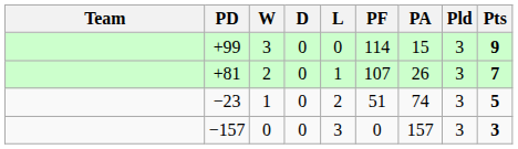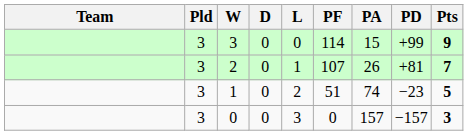 <table class="wikitable" style="text-align:center;">
 <tr>
 <th width=175>Team</th>
-<th width=32 abbr="Points difference">PD</th>
+<th width=25 abbr="Played">Pld</th>
 <th width=25 abbr="Won">W</th>
 <th width=25 abbr="Drawn">D</th>
 <th width=25 abbr="Lost">L</th>
 <th width=32 abbr="Points for">PF</th>
 <th width=32 abbr="Points against">PA</th>
-<th width=25 abbr="Played">Pld</th>
+<th width=32 abbr="Points difference">PD</th>
 <th width=25 abbr="Points">Pts</th>
 </tr>
 <tr bgcolor=ccffcc>
 <td align=left></td>
-<td>+99</td>
+<td>3</td>
 <td>3</td>
 <td>0</td>
 <td>0</td>
 <td>114</td>
 <td>15</td>
-<td>3</td>
+<td>+99</td>
 <td><strong>9</strong></td>
 </tr>
 <tr bgcolor=ccffcc>
 <td align=left></td>
-<td>+81</td>
+<td>3</td>
 <td>2</td>
 <td>0</td>
 <td>1</td>
 <td>107</td>
 <td>26</td>
-<td>3</td>
+<td>+81</td>
 <td><strong>7</strong></td>
 </tr>
 <tr>
 <td align=left></td>
-<td>−23</td>
+<td>3</td>
 <td>1</td>
 <td>0</td>
 <td>2</td>
 <td>51</td>
 <td>74</td>
-<td>3</td>
+<td>−23</td>
 <td><strong>5</strong></td>
 </tr>
 <tr>
 <td align=left></td>
-<td>−157</td>
+<td>3</td>
 <td>0</td>
 <td>0</td>
 <td>3</td>
 <td>0</td>
 <td>157</td>
-<td>3</td>
+<td>−157</td>
 <td><strong>3</strong></td>
 </tr>
 </table>
